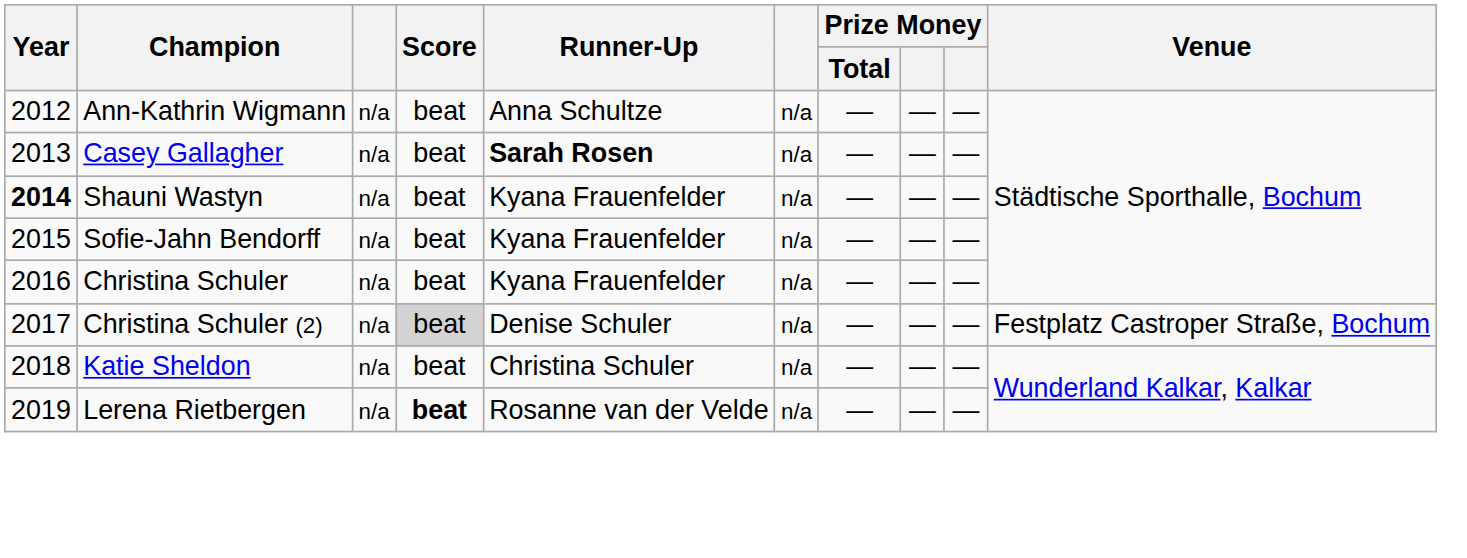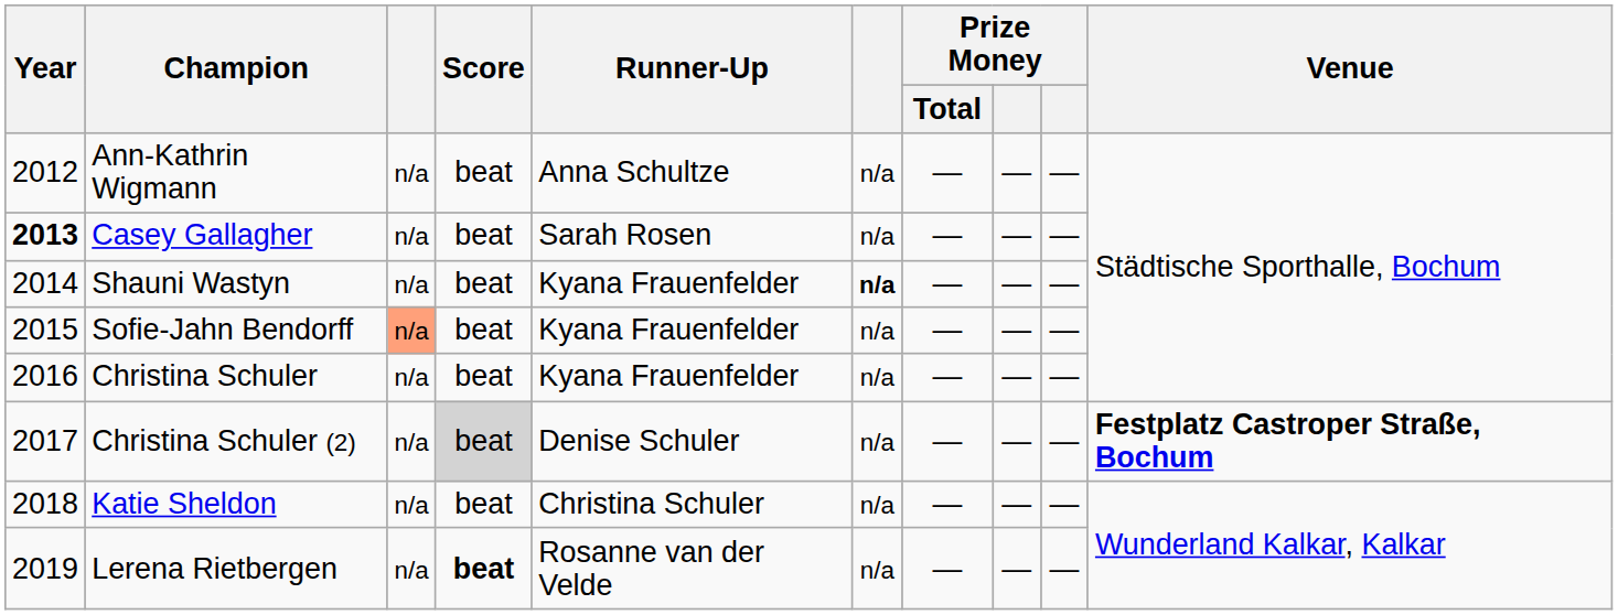 <table class="wikitable sortable">
 <tr>
 <th rowspan=2>Year</th>
 <th rowspan=2>Champion</th>
 <th rowspan=2></th>
 <th rowspan=2>Score</th>
 <th rowspan=2>Runner-Up</th>
 <th rowspan=2></th>
 <th colspan=3>Prize Money</th>
 <th rowspan=2>Venue</th>
 </tr>
 <tr>
 <th>Total</th>
 <th></th>
 <th></th>
 </tr>
 <tr>
 <td>2012</td>
 <td> Ann-Kathrin Wigmann</td>
 <td align=center><small><span>n/a</span></small></td>
 <td align=center>beat</td>
 <td> Anna Schultze</td>
 <td align=center><small><span>n/a</span></small></td>
 <td align=center>—</td>
 <td align=center>—</td>
 <td align=center>—</td>
 <td rowspan=5>Städtische Sporthalle, <a href='#'>Bochum</a></td>
 </tr>
 <tr>
-<td>2013</td>
+<td><strong>2013</strong></td>
 <td> <a href='#'>Casey Gallagher</a></td>
 <td align=center><small><span>n/a</span></small></td>
 <td align=center>beat</td>
-<td><strong> Sarah Rosen</strong></td>
+<td> Sarah Rosen</td>
 <td align=center><small><span>n/a</span></small></td>
 <td align=center>—</td>
 <td align=center>—</td>
 <td align=center>—</td>
 </tr>
 <tr>
-<td><strong>2014</strong></td>
+<td>2014</td>
 <td> Shauni Wastyn</td>
 <td align=center><small><span>n/a</span></small></td>
 <td align=center>beat</td>
 <td> Kyana Frauenfelder</td>
-<td align=center><small><span>n/a</span></small></td>
+<td align=center><strong><small><span>n/a</span></small></strong></td>
 <td align=center>—</td>
 <td align=center>—</td>
 <td align=center>—</td>
 </tr>
 <tr>
 <td>2015</td>
 <td> Sofie-Jahn Bendorff</td>
-<td align=center><small><span>n/a</span></small></td>
+<td align=center style="background: lightsalmon;"><small><span>n/a</span></small></td>
 <td align=center>beat</td>
 <td> Kyana Frauenfelder</td>
 <td align=center><small><span>n/a</span></small></td>
 <td align=center>—</td>
 <td align=center>—</td>
 <td align=center>—</td>
 </tr>
 <tr>
 <td>2016</td>
 <td> Christina Schuler</td>
 <td align=center><small><span>n/a</span></small></td>
 <td align=center>beat</td>
 <td> Kyana Frauenfelder</td>
 <td align=center><small><span>n/a</span></small></td>
 <td align=center>—</td>
 <td align=center>—</td>
 <td align=center>—</td>
 </tr>
 <tr>
 <td>2017</td>
 <td> Christina Schuler <small>(2)</small></td>
 <td align=center><small><span>n/a</span></small></td>
 <td align=center style="background: lightgrey;">beat</td>
 <td> Denise Schuler</td>
 <td align=center><small><span>n/a</span></small></td>
 <td align=center>—</td>
 <td align=center>—</td>
 <td align=center>—</td>
-<td>Festplatz Castroper Straße, <a href='#'>Bochum</a></td>
+<td><strong>Festplatz Castroper Straße, <a href='#'>Bochum</a></strong></td>
 </tr>
 <tr>
 <td>2018</td>
 <td> <a href='#'>Katie Sheldon</a></td>
 <td align=center><small><span>n/a</span></small></td>
 <td align=center>beat</td>
 <td> Christina Schuler</td>
 <td align=center><small><span>n/a</span></small></td>
 <td align=center>—</td>
 <td align=center>—</td>
 <td align=center>—</td>
 <td rowspan=3><a href='#'>Wunderland Kalkar</a>, <a href='#'>Kalkar</a></td>
 </tr>
 <tr>
 <td>2019</td>
 <td> Lerena Rietbergen</td>
 <td align=center><small><span>n/a</span></small></td>
 <td align=center><strong>beat</strong></td>
 <td> Rosanne van der Velde</td>
 <td align=center><small><span>n/a</span></small></td>
 <td align=center>—</td>
 <td align=center>—</td>
 <td align=center>—</td>
 </tr>
 </table>
